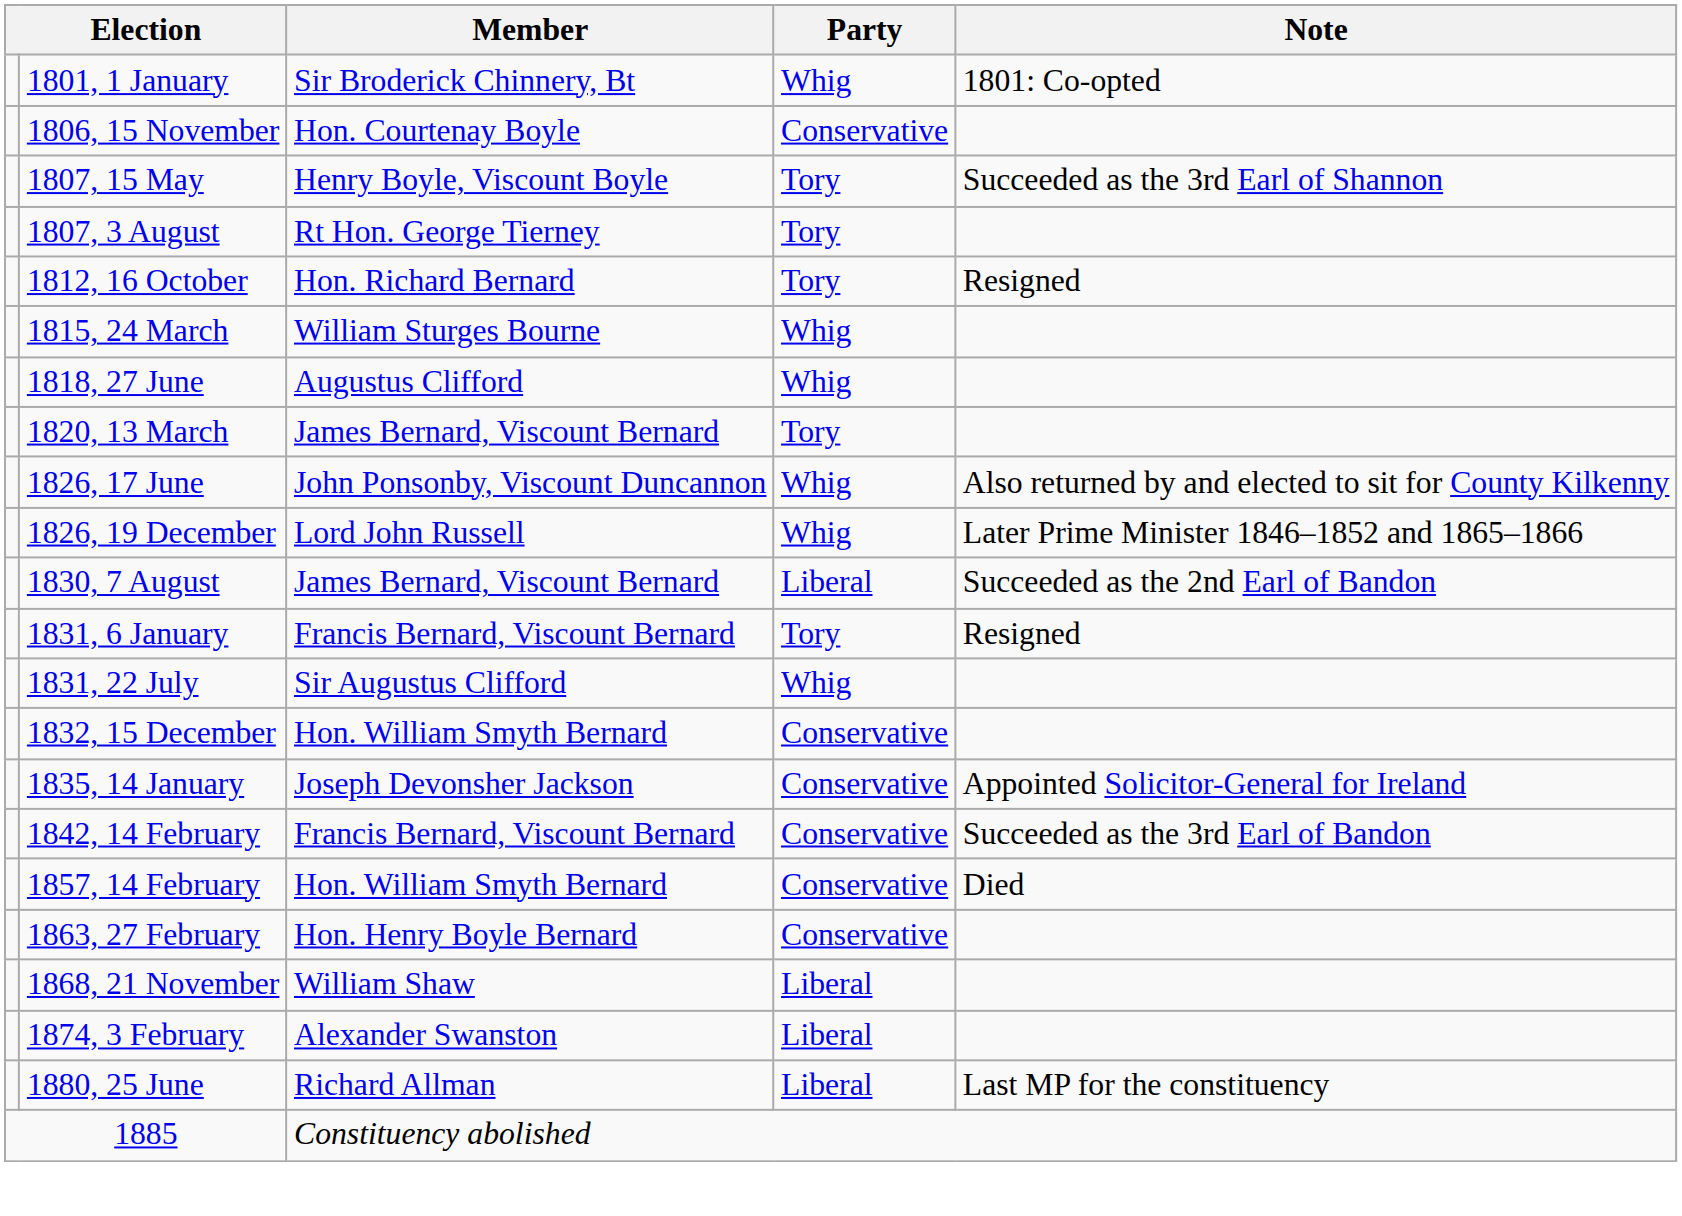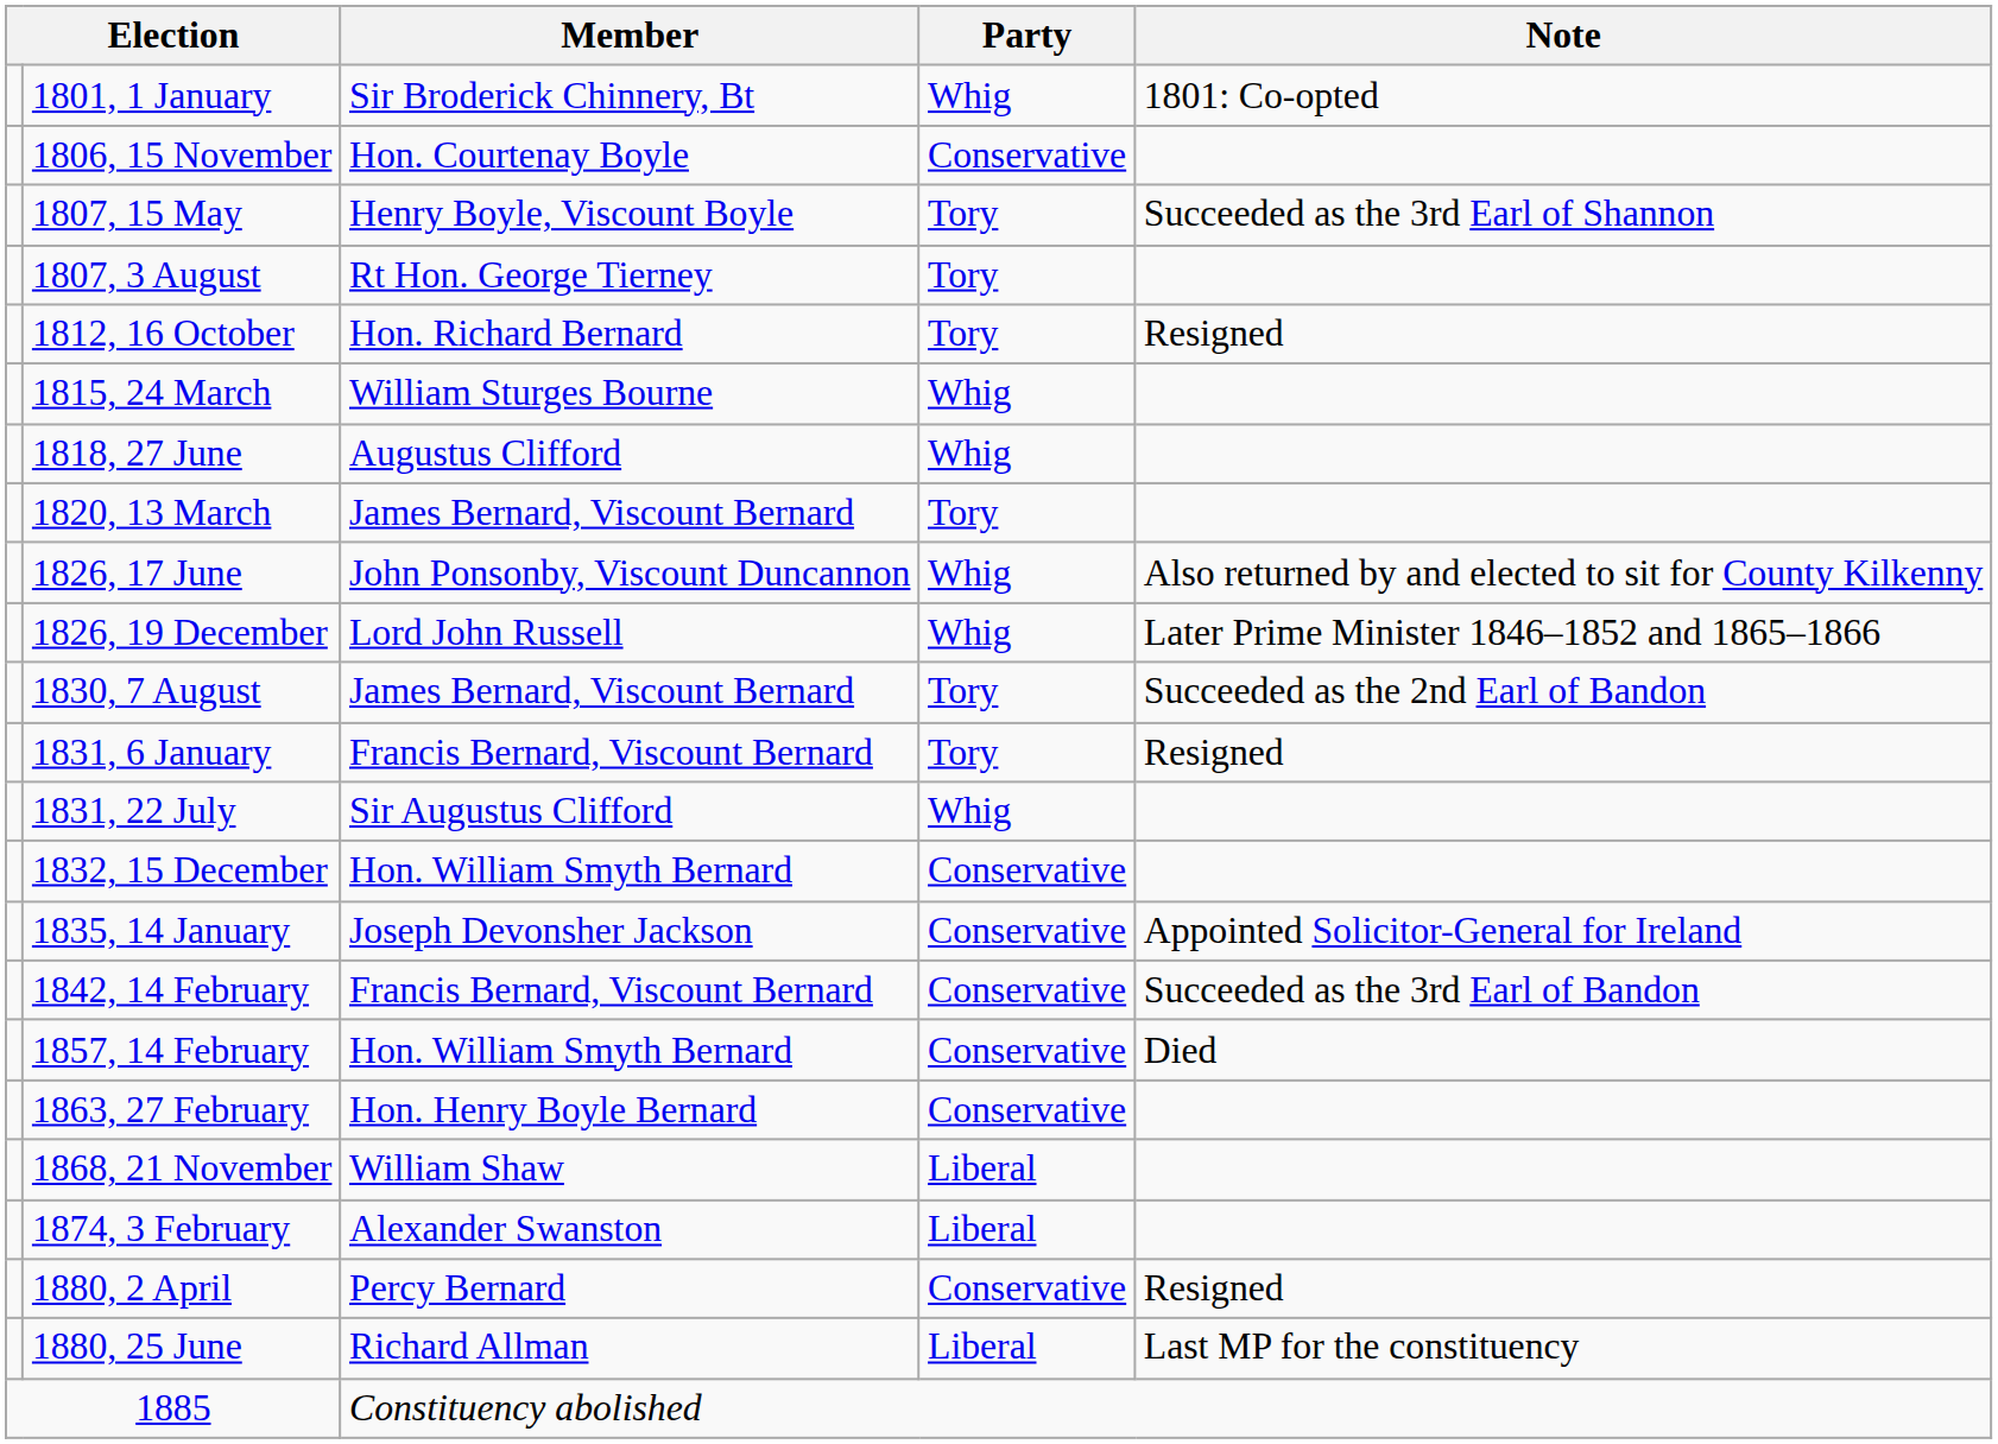 <table class="wikitable">
 <tr>
 <th colspan="2">Election</th>
 <th>Member</th>
 <th>Party</th>
 <th>Note</th>
 </tr>
 <tr>
 <td style="color:inherit;background-color: "></td>
 <td><a href='#'>1801, 1 January</a></td>
 <td><a href='#'>Sir Broderick Chinnery, Bt</a></td>
 <td><a href='#'>Whig</a></td>
 <td>1801: Co-opted</td>
 </tr>
 <tr>
 <td style="color:inherit;background-color: "></td>
 <td><a href='#'>1806, 15 November</a></td>
 <td><a href='#'>Hon. Courtenay Boyle</a></td>
 <td><a href='#'>Conservative</a></td>
 <td></td>
 </tr>
 <tr>
 <td style="color:inherit;background-color: "></td>
 <td><a href='#'>1807, 15 May</a></td>
 <td><a href='#'>Henry Boyle, Viscount Boyle</a></td>
 <td><a href='#'>Tory</a></td>
 <td>Succeeded as the 3rd <a href='#'>Earl of Shannon</a></td>
 </tr>
 <tr>
 <td style="color:inherit;background-color: "></td>
 <td><a href='#'>1807, 3 August</a></td>
 <td><a href='#'>Rt Hon. George Tierney</a></td>
 <td><a href='#'>Tory</a></td>
 <td></td>
 </tr>
 <tr>
 <td style="color:inherit;background-color: "></td>
 <td><a href='#'>1812, 16 October</a></td>
 <td><a href='#'>Hon. Richard Bernard</a></td>
 <td><a href='#'>Tory</a></td>
 <td>Resigned</td>
 </tr>
 <tr>
 <td style="color:inherit;background-color: "></td>
 <td><a href='#'>1815, 24 March</a></td>
 <td><a href='#'>William Sturges Bourne</a></td>
 <td><a href='#'>Whig</a></td>
 <td></td>
 </tr>
 <tr>
 <td style="color:inherit;background-color: "></td>
 <td><a href='#'>1818, 27 June</a></td>
 <td><a href='#'>Augustus Clifford</a></td>
 <td><a href='#'>Whig</a></td>
 <td></td>
 </tr>
 <tr>
 <td style="color:inherit;background-color: "></td>
 <td><a href='#'>1820, 13 March</a></td>
 <td><a href='#'>James Bernard, Viscount Bernard</a></td>
 <td><a href='#'>Tory</a></td>
 <td></td>
 </tr>
 <tr>
 <td style="color:inherit;background-color: "></td>
 <td><a href='#'>1826, 17 June</a></td>
 <td><a href='#'>John Ponsonby, Viscount Duncannon</a></td>
 <td><a href='#'>Whig</a></td>
 <td>Also returned by and elected to sit for <a href='#'>County Kilkenny</a></td>
 </tr>
 <tr>
 <td style="color:inherit;background-color: "></td>
 <td><a href='#'>1826, 19 December</a></td>
 <td><a href='#'>Lord John Russell</a></td>
 <td><a href='#'>Whig</a></td>
 <td>Later Prime Minister 1846–1852 and 1865–1866</td>
 </tr>
 <tr>
 <td style="color:inherit;background-color: "></td>
 <td><a href='#'>1830, 7 August</a></td>
 <td><a href='#'>James Bernard, Viscount Bernard</a></td>
-<td><a href='#'>Liberal</a></td>
+<td><a href='#'>Tory</a></td>
 <td>Succeeded as the 2nd <a href='#'>Earl of Bandon</a></td>
 </tr>
 <tr>
 <td style="color:inherit;background-color: "></td>
 <td><a href='#'>1831, 6 January</a></td>
 <td><a href='#'>Francis Bernard, Viscount Bernard</a></td>
 <td><a href='#'>Tory</a></td>
 <td>Resigned</td>
 </tr>
 <tr>
 <td style="color:inherit;background-color: "></td>
 <td><a href='#'>1831, 22 July</a></td>
 <td><a href='#'>Sir Augustus Clifford</a></td>
 <td><a href='#'>Whig</a></td>
 <td></td>
 </tr>
 <tr>
 <td style="color:inherit;background-color: "></td>
 <td><a href='#'>1832, 15 December</a></td>
 <td><a href='#'>Hon. William Smyth Bernard</a></td>
 <td><a href='#'>Conservative</a></td>
 <td></td>
 </tr>
 <tr>
 <td style="color:inherit;background-color: "></td>
 <td><a href='#'>1835, 14 January</a></td>
 <td><a href='#'>Joseph Devonsher Jackson</a></td>
 <td><a href='#'>Conservative</a></td>
 <td>Appointed <a href='#'>Solicitor-General for Ireland</a></td>
 </tr>
 <tr>
 <td style="color:inherit;background-color: "></td>
 <td><a href='#'>1842, 14 February</a></td>
 <td><a href='#'>Francis Bernard, Viscount Bernard</a></td>
 <td><a href='#'>Conservative</a></td>
 <td>Succeeded as the 3rd <a href='#'>Earl of Bandon</a></td>
 </tr>
 <tr>
 <td style="color:inherit;background-color: "></td>
 <td><a href='#'>1857, 14 February</a></td>
 <td><a href='#'>Hon. William Smyth Bernard</a></td>
 <td><a href='#'>Conservative</a></td>
 <td>Died</td>
 </tr>
 <tr>
 <td style="color:inherit;background-color: "></td>
 <td><a href='#'>1863, 27 February</a></td>
 <td><a href='#'>Hon. Henry Boyle Bernard</a></td>
 <td><a href='#'>Conservative</a></td>
 <td></td>
 </tr>
 <tr>
 <td style="color:inherit;background-color: "></td>
 <td><a href='#'>1868, 21 November</a></td>
 <td><a href='#'>William Shaw</a></td>
 <td><a href='#'>Liberal</a></td>
 <td></td>
 </tr>
 <tr>
 <td style="color:inherit;background-color: "></td>
 <td><a href='#'>1874, 3 February</a></td>
 <td><a href='#'>Alexander Swanston</a></td>
 <td><a href='#'>Liberal</a></td>
 <td></td>
 </tr>
 <tr>
 <td style="color:inherit;background-color: "></td>
+<td><a href='#'>1880, 2 April</a></td>
+<td><a href='#'>Percy Bernard</a></td>
+<td><a href='#'>Conservative</a></td>
+<td>Resigned</td>
+</tr>
+<tr>
+<td style="color:inherit;background-color: "></td>
 <td><a href='#'>1880, 25 June</a></td>
 <td><a href='#'>Richard Allman</a></td>
 <td><a href='#'>Liberal</a></td>
 <td>Last MP for the constituency</td>
 </tr>
 <tr>
 <td colspan="2" align="center"><a href='#'>1885</a></td>
 <td colspan="3"><em>Constituency abolished</em></td>
 </tr>
 </table>
